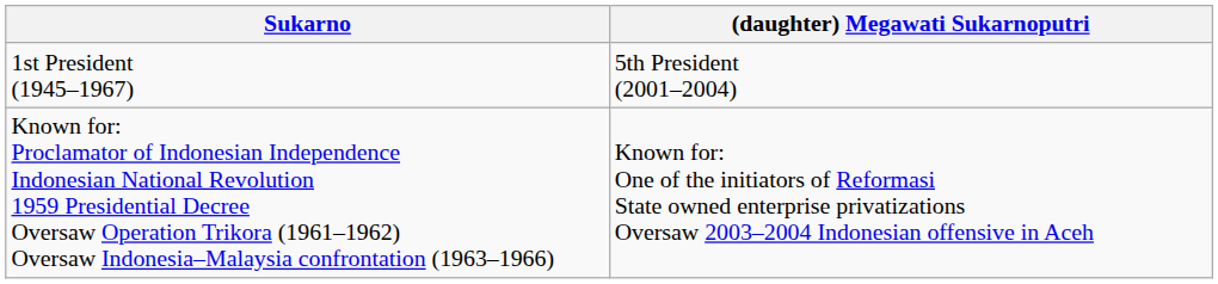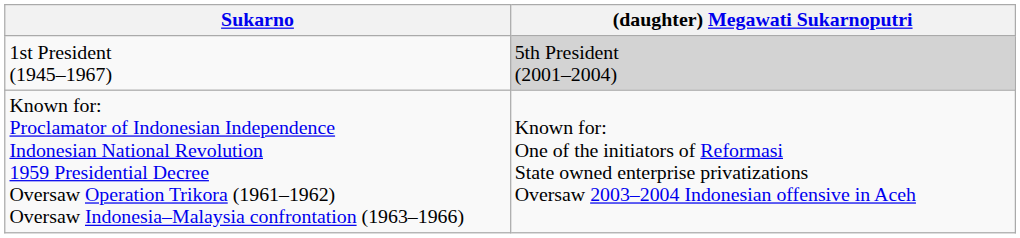 <table class="wikitable" style="margin-left: auto; margin-right: auto; border: none;">
 <tr>
 <th scope="col" style="width: 300pt;"><a href='#'>Sukarno</a><br></th>
 <th scope="col" style="width: 300pt;">(daughter) <a href='#'>Megawati Sukarnoputri</a><br></th>
 </tr>
 <tr>
 <td>1st President<br>(1945–1967)</td>
-<td>5th President<br>(2001–2004)</td>
+<td style="background: lightgrey;">5th President<br>(2001–2004)</td>
 </tr>
 <tr>
 <td>Known for:<br><a href='#'>Proclamator of Indonesian Independence</a><br><a href='#'>Indonesian National Revolution</a><br><a href='#'>1959 Presidential Decree</a><br>Oversaw <a href='#'>Operation Trikora</a> (1961–1962)<br>Oversaw <a href='#'>Indonesia–Malaysia confrontation</a> (1963–1966)</td>
 <td>Known for:<br>One of the initiators of <a href='#'>Reformasi</a><br>State owned enterprise privatizations<br>Oversaw <a href='#'>2003–2004 Indonesian offensive in Aceh</a></td>
 </tr>
 </table>
